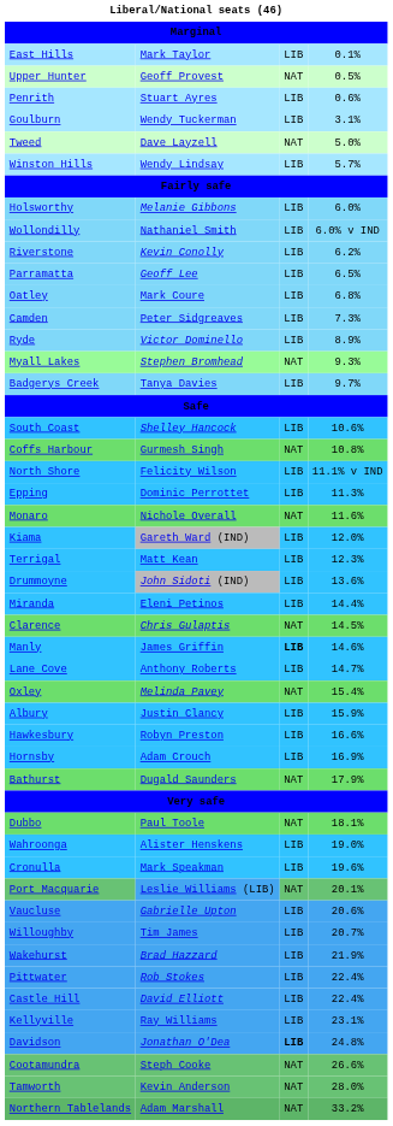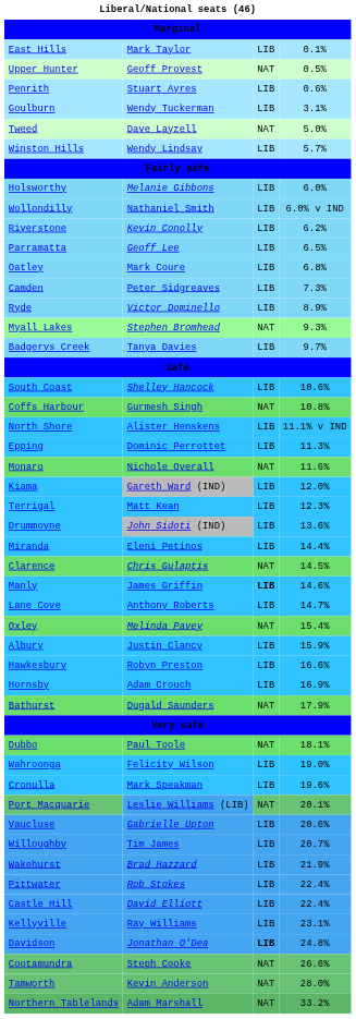 <table class="toccolours" cellpadding="5" cellspacing="0" style="float:left; margin-right:.5em; margin-top:.4em; font-size:90%;">
 <tr>
 <td COLSPAN=4 align="center"><strong>Liberal/National seats (46)</strong></td>
 </tr>
 <tr>
 <td COLSPAN=4 align="center" bgcolor="Blue"><span><strong>Marginal</strong></span></td>
 </tr>
 <tr>
 <td align="left" bgcolor="A6E7FF"><a href='#'>East Hills</a></td>
 <td align="left" bgcolor="A6E7FF"><a href='#'>Mark Taylor</a></td>
 <td align="left" bgcolor="A6E7FF">LIB</td>
 <td align="center" bgcolor="A6E7FF">0.1%</td>
 </tr>
 <tr>
 <td align="left" bgcolor="CCFFCC"><a href='#'>Upper Hunter</a></td>
 <td align="left" bgcolor="CCFFCC"><a href='#'>Geoff Provest</a></td>
 <td align="left" bgcolor="CCFFCC">NAT</td>
 <td align="center" bgcolor="CCFFCC">0.5%</td>
 </tr>
 <tr>
 <td align="left" bgcolor="A6E7FF"><a href='#'>Penrith</a></td>
 <td align="left" bgcolor="A6E7FF"><a href='#'>Stuart Ayres</a></td>
 <td align="left" bgcolor="A6E7FF">LIB</td>
 <td align="center" bgcolor="A6E7FF">0.6%</td>
 </tr>
 <tr>
 <td align="left" bgcolor="A6E7FF"><a href='#'>Goulburn</a></td>
 <td align="left" bgcolor="A6E7FF"><a href='#'>Wendy Tuckerman</a></td>
 <td align="left" bgcolor="A6E7FF">LIB</td>
 <td align="center" bgcolor="A6E7FF">3.1%</td>
 </tr>
 <tr>
 <td align="left" bgcolor="CCFFCC"><a href='#'>Tweed</a></td>
 <td align="left" bgcolor="CCFFCC"><a href='#'>Dave Layzell</a></td>
 <td align="left" bgcolor="CCFFCC">NAT</td>
 <td align="center" bgcolor="CCFFCC">5.0%</td>
 </tr>
 <tr>
 <td align="left" bgcolor="A6E7FF"><a href='#'>Winston Hills</a></td>
 <td align="left" bgcolor="A6E7FF"><a href='#'>Wendy Lindsay</a></td>
 <td align="left" bgcolor="A6E7FF">LIB</td>
 <td align="center" bgcolor="A6E7FF">5.7%</td>
 </tr>
 <tr>
 <td COLSPAN=4 align="center" bgcolor="Blue"><span><strong>Fairly safe</strong></span></td>
 </tr>
 <tr>
 <td align="left" bgcolor="80D8F9"><a href='#'>Holsworthy</a></td>
 <td align="left" bgcolor="80D8F9"><em><a href='#'>Melanie Gibbons</a></em></td>
 <td align="left" bgcolor="80D8F9">LIB</td>
 <td align="center" bgcolor="80D8F9">6.0%</td>
 </tr>
 <tr>
 <td align="left" bgcolor="80D8F9"><a href='#'>Wollondilly</a></td>
 <td align="left" bgcolor="80D8F9"><a href='#'>Nathaniel Smith</a></td>
 <td align="left" bgcolor="80D8F9">LIB</td>
 <td align="center" bgcolor="80D8F9">6.0% v IND</td>
 </tr>
 <tr>
 <td align="left" bgcolor="80D8F9"><a href='#'>Riverstone</a></td>
 <td align="left" bgcolor="80D8F9"><em><a href='#'>Kevin Conolly</a></em></td>
 <td align="left" bgcolor="80D8F9">LIB</td>
 <td align="center" bgcolor="80D8F9">6.2%</td>
 </tr>
 <tr>
 <td align="left" bgcolor="80D8F9"><a href='#'>Parramatta</a></td>
 <td align="left" bgcolor="80D8F9"><em><a href='#'>Geoff Lee</a></em></td>
 <td align="left" bgcolor="80D8F9">LIB</td>
 <td align="center" bgcolor="80D8F9">6.5%</td>
 </tr>
 <tr>
 <td align="left" bgcolor="80D8F9"><a href='#'>Oatley</a></td>
 <td align="left" bgcolor="80D8F9"><a href='#'>Mark Coure</a></td>
 <td align="left" bgcolor="80D8F9">LIB</td>
 <td align="center" bgcolor="80D8F9">6.8%</td>
 </tr>
 <tr>
 <td align="left" bgcolor="80D8F9"><a href='#'>Camden</a></td>
 <td align="left" bgcolor="80D8F9"><a href='#'>Peter Sidgreaves</a></td>
 <td align="left" bgcolor="80D8F9">LIB</td>
 <td align="center" bgcolor="80D8F9">7.3%</td>
 </tr>
 <tr>
 <td align="left" bgcolor="80D8F9"><a href='#'>Ryde</a></td>
 <td align="left" bgcolor="80D8F9"><em><a href='#'>Victor Dominello</a></em></td>
 <td align="left" bgcolor="80D8F9">LIB</td>
 <td align="center" bgcolor="80D8F9">8.9%</td>
 </tr>
 <tr>
 <td align="left" bgcolor="98FB98"><a href='#'>Myall Lakes</a></td>
 <td align="left" bgcolor="98FB98"><em><a href='#'>Stephen Bromhead</a></em></td>
 <td align="left" bgcolor="98FB98">NAT</td>
 <td align="center" bgcolor="98FB98">9.3%</td>
 </tr>
 <tr>
 <td align="left" bgcolor="80D8F9"><a href='#'>Badgerys Creek</a></td>
 <td align="left" bgcolor="80D8F9"><a href='#'>Tanya Davies</a></td>
 <td align="left" bgcolor="80D8F9">LIB</td>
 <td align="center" bgcolor="80D8F9">9.7%</td>
 </tr>
 <tr>
 <td COLSPAN=4 align="center" bgcolor="blue"><span><strong>Safe</strong></span></td>
 </tr>
 <tr>
 <td align="left" bgcolor="31C3FF"><a href='#'>South Coast</a></td>
 <td align="left" bgcolor="31C3FF"><em><a href='#'>Shelley Hancock</a></em></td>
 <td align="left" bgcolor="31C3FF">LIB</td>
 <td align="center" bgcolor="31C3FF">10.6%</td>
 </tr>
 <tr>
 <td align="left" bgcolor="6cde6c"><a href='#'>Coffs Harbour</a></td>
 <td align="left" bgcolor="6cde6c"><a href='#'>Gurmesh Singh</a></td>
 <td align="left" bgcolor="6cde6c">NAT</td>
 <td align="center" bgcolor="6cde6c">10.8%</td>
 </tr>
 <tr>
 <td align="left" bgcolor="31C3FF"><a href='#'>North Shore</a></td>
-<td align="left" bgcolor="31C3FF"><a href='#'>Felicity Wilson</a></td>
+<td align="left" bgcolor="31C3FF"><a href='#'>Alister Henskens</a></td>
 <td align="left" bgcolor="31C3FF">LIB</td>
 <td align="center" bgcolor="31C3FF">11.1% v IND</td>
 </tr>
 <tr>
 <td align="left" bgcolor="31C3FF"><a href='#'>Epping</a></td>
 <td align="left" bgcolor="31C3FF"><a href='#'>Dominic Perrottet</a></td>
 <td align="left" bgcolor="31C3FF">LIB</td>
 <td align="center" bgcolor="31C3FF">11.3%</td>
 </tr>
 <tr>
 <td align="left" bgcolor="6cde6c"><a href='#'>Monaro</a></td>
 <td align="left" bgcolor="6cde6c"><a href='#'>Nichole Overall</a></td>
 <td align="left" bgcolor="6cde6c">NAT</td>
 <td align="center" bgcolor="6cde6c">11.6%</td>
 </tr>
 <tr>
 <td align="left" bgcolor="31C3FF"><a href='#'>Kiama</a></td>
 <td align="left" bgcolor="BBBBBB"><a href='#'>Gareth Ward</a> (IND)</td>
 <td align="left" bgcolor="31C3FF">LIB</td>
 <td align="center" bgcolor="31C3FF">12.0%</td>
 </tr>
 <tr>
 <td align="left" bgcolor="31C3FF"><a href='#'>Terrigal</a></td>
 <td align="left" bgcolor="31C3FF"><a href='#'>Matt Kean</a></td>
 <td align="left" bgcolor="31C3FF">LIB</td>
 <td align="center" bgcolor="31C3FF">12.3%</td>
 </tr>
 <tr>
 <td align="left" bgcolor="31C3FF"><a href='#'>Drummoyne</a></td>
 <td align="left" bgcolor="BBBBBB"><em><a href='#'>John Sidoti</a></em> (IND)</td>
 <td align="left" bgcolor="31C3FF">LIB</td>
 <td align="center" bgcolor="31C3FF">13.6%</td>
 </tr>
 <tr>
 <td align="left" bgcolor="31C3FF"><a href='#'>Miranda</a></td>
 <td align="left" bgcolor="31C3FF"><a href='#'>Eleni Petinos</a></td>
 <td align="left" bgcolor="31C3FF">LIB</td>
 <td align="center" bgcolor="31C3FF">14.4%</td>
 </tr>
 <tr>
 <td align="left" bgcolor="6cde6c"><a href='#'>Clarence</a></td>
 <td align="left" bgcolor="6cde6c"><em><a href='#'>Chris Gulaptis</a></em></td>
 <td align="left" bgcolor="6cde6c">NAT</td>
 <td align="center" bgcolor="6cde6c">14.5%</td>
 </tr>
 <tr>
 <td align="left" bgcolor="31C3FF"><a href='#'>Manly</a></td>
 <td align="left" bgcolor="31C3FF"><a href='#'>James Griffin</a></td>
 <td align="left" bgcolor="31C3FF"><strong>LIB</strong></td>
 <td align="center" bgcolor="31C3FF">14.6%</td>
 </tr>
 <tr>
 <td align="left" bgcolor="31C3FF"><a href='#'>Lane Cove</a></td>
 <td align="left" bgcolor="31C3FF"><a href='#'>Anthony Roberts</a></td>
 <td align-"left" bgcolor="31C3FF">LIB</td>
 <td align="center" bgcolor="31C3FF">14.7%</td>
 </tr>
 <tr>
 <td align="left" bgcolor="6cde6c"><a href='#'>Oxley</a></td>
 <td align="left" bgcolor="6cde6c"><em><a href='#'>Melinda Pavey</a></em></td>
 <td align="left" bgcolor="6cde6c">NAT</td>
 <td align="center" bgcolor="6cde6c">15.4%</td>
 </tr>
 <tr>
 <td align="left" bgcolor="31C3FF"><a href='#'>Albury</a></td>
 <td align="left" bgcolor="31C3FF"><a href='#'>Justin Clancy</a></td>
 <td align="left" bgcolor="31C3FF">LIB</td>
 <td align="center" bgcolor="31C3FF">15.9%</td>
 </tr>
 <tr>
 <td align="left" bgcolor="31C3FF"><a href='#'>Hawkesbury</a></td>
 <td align="left" bgcolor="31C3FF"><a href='#'>Robyn Preston</a></td>
 <td align="left" bgcolor="31C3FF">LIB</td>
 <td align="center" bgcolor="31C3FF">16.6%</td>
 </tr>
 <tr>
 <td align="left" bgcolor="31C3FF"><a href='#'>Hornsby</a></td>
 <td align="left" bgcolor="31C3FF"><a href='#'>Adam Crouch</a></td>
 <td align="left" bgcolor="31C3FF">LIB</td>
 <td align="center" bgcolor="31C3FF">16.9%</td>
 </tr>
 <tr>
 <td align="left" bgcolor="6cde6c"><a href='#'>Bathurst</a></td>
 <td align="left" bgcolor="6cde6c"><a href='#'>Dugald Saunders</a></td>
 <td align="left" bgcolor="6cde6c">NAT</td>
 <td align="center" bgcolor="6cde6c">17.9%</td>
 </tr>
 <tr>
 <td COLSPAN=4 align="center" bgcolor="Blue"><span><strong>Very safe</strong></span></td>
 </tr>
 <tr>
 <td align="left" bgcolor="6cde6c"><a href='#'>Dubbo</a></td>
 <td align="left" bgcolor="6cde6c"><a href='#'>Paul Toole</a></td>
 <td align="left" bgcolor="6cde6c">NAT</td>
 <td align="center" bgcolor="6cde6c">18.1%</td>
 </tr>
 <tr>
 <td align="left" bgcolor="31C3FF"><a href='#'>Wahroonga</a></td>
-<td align="left" bgcolor="31C3FF"><a href='#'>Alister Henskens</a></td>
+<td align="left" bgcolor="31C3FF"><a href='#'>Felicity Wilson</a></td>
 <td align="left" bgcolor="31C3FF">LIB</td>
 <td align="center" bgcolor="31C3FF">19.0%</td>
 </tr>
 <tr>
 <td align="left" bgcolor="31C3FF"><a href='#'>Cronulla</a></td>
 <td align="left" bgcolor="31C3FF"><a href='#'>Mark Speakman</a></td>
 <td align="left" bgcolor="31C3FF">LIB</td>
 <td align="center" bgcolor="31C3FF">19.6%</td>
 </tr>
 <tr>
 <td align="left" bgcolor="68c274"><a href='#'>Port Macquarie</a></td>
 <td align="left" bgcolor="44A6F1"><a href='#'>Leslie Williams</a> (LIB)</td>
 <td align="left" bgcolor="68c274">NAT</td>
 <td align="center" bgcolor="68c274">20.1%</td>
 </tr>
 <tr>
 <td align="left" bgcolor="44A6F1"><a href='#'>Vaucluse</a></td>
 <td align="left" bgcolor="44A6F1"><em><a href='#'>Gabrielle Upton</a></em></td>
 <td align="left" bgcolor="44A6F1">LIB</td>
 <td align="center" bgcolor="44A6F1">20.6%</td>
 </tr>
 <tr>
 <td align="left" bgcolor="44A6F1"><a href='#'>Willoughby</a></td>
 <td align="left" bgcolor="44A6F1"><a href='#'>Tim James</a></td>
 <td align="left" bgcolor="44A6F1">LIB</td>
 <td align="center" bgcolor="44A6F1">20.7%</td>
 </tr>
 <tr>
 <td align="left" bgcolor="44A6F1"><a href='#'>Wakehurst</a></td>
 <td align="left" bgcolor="44A6F1"><em><a href='#'>Brad Hazzard</a></em></td>
 <td align="left" bgcolor="44A6F1">LIB</td>
 <td align="center" bgcolor="44A6F1">21.9%</td>
 </tr>
 <tr>
 <td align="left" bgcolor="44A6F1"><a href='#'>Pittwater</a></td>
 <td align="left" bgcolor="44A6F1"><em><a href='#'>Rob Stokes</a></em></td>
 <td align="left" bgcolor="44A6F1">LIB</td>
 <td align="center" bgcolor="44A6F1">22.4%</td>
 </tr>
 <tr>
 <td align="left" bgcolor="44A6F1"><a href='#'>Castle Hill</a></td>
 <td align="left" bgcolor="44A6F1"><em><a href='#'>David Elliott</a></em></td>
 <td align="left" bgcolor="44A6F1">LIB</td>
 <td align="center" bgcolor="44A6F1">22.4%</td>
 </tr>
 <tr>
 <td align="left" bgcolor="44A6F1"><a href='#'>Kellyville</a></td>
 <td align="left" bgcolor="44A6F1"><a href='#'>Ray Williams</a></td>
 <td align="left" bgcolor="44A6F1">LIB</td>
 <td align="center" bgcolor="44A6F1">23.1%</td>
 </tr>
 <tr>
 <td align="left" bgcolor="44A6F1"><a href='#'>Davidson</a></td>
 <td align="left" bgcolor="44A6F1"><em><a href='#'>Jonathan O'Dea</a></em></td>
 <td align="left" bgcolor="44A6F1"><strong>LIB</strong></td>
 <td align="center" bgcolor="44A6F1">24.8%</td>
 </tr>
 <tr>
 <td align="left" bgcolor="68c274"><a href='#'>Cootamundra</a></td>
 <td align="left" bgcolor="68c274"><a href='#'>Steph Cooke</a></td>
 <td align="left" bgcolor="68c274">NAT</td>
 <td align="center" bgcolor="68c274">26.6%</td>
 </tr>
 <tr>
 <td align="left" bgcolor="68c274"><a href='#'>Tamworth</a></td>
 <td align="left" bgcolor="68c274"><a href='#'>Kevin Anderson</a></td>
 <td align="left" bgcolor="68c274">NAT</td>
 <td align="center" bgcolor="68c274">28.0%</td>
 </tr>
 <tr>
 <td align="left" bgcolor="5db568"><a href='#'>Northern Tablelands</a></td>
 <td align="left" bgcolor="5db568"><a href='#'>Adam Marshall</a></td>
 <td align="left" bgcolor="5db568">NAT</td>
 <td align="center" bgcolor="5db568">33.2%</td>
 </tr>
 <tr>
 </tr>
 </table>
